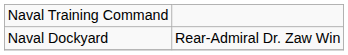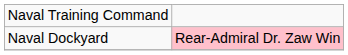 <table class="wikitable">
 <tr>
 <td>Naval Training Command</td>
 </tr>
 <tr Rear-Admiral Naing Min Kyaw>
 <td>Naval Dockyard</td>
-<td>Rear-Admiral Dr. Zaw Win</td>
+<td style="background: pink;">Rear-Admiral Dr. Zaw Win</td>
 </tr>
 <tr>
 </tr>
 </table>
